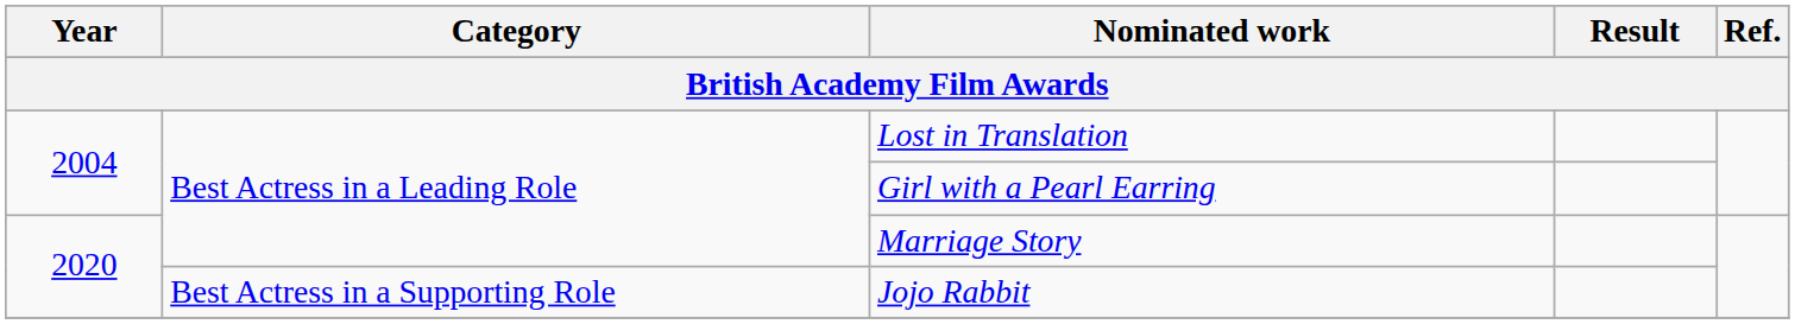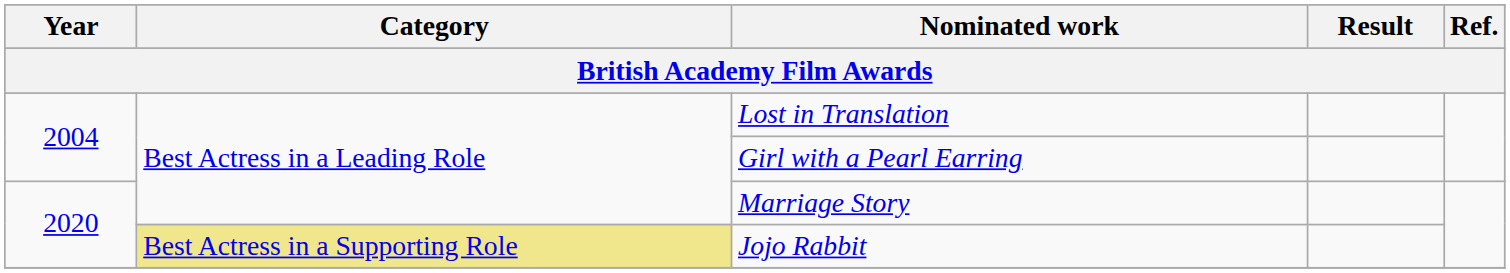 <table class=wikitable>
 <tr>
 <th scope="col" style="width:5em;">Year</th>
 <th scope="col" style="width:26em;">Category</th>
 <th scope="col" style="width:25em;">Nominated work</th>
 <th scope="col" style="width:5em;">Result</th>
 <th>Ref.</th>
 </tr>
 <tr>
 <th colspan=5><a href='#'>British Academy Film Awards</a></th>
 </tr>
 <tr>
 <td style="text-align:center;", rowspan="2"><a href='#'>2004</a></td>
 <td rowspan="3"><a href='#'>Best Actress in a Leading Role</a></td>
 <td><em><a href='#'>Lost in Translation</a></em></td>
 <td></td>
 <td style="text-align:center;" rowspan="2"></td>
 </tr>
 <tr>
 <td><em><a href='#'>Girl with a Pearl Earring</a></em></td>
 <td></td>
 </tr>
 <tr>
 <td style="text-align:center;", rowspan="2"><a href='#'>2020</a></td>
 <td><em><a href='#'>Marriage Story</a></em></td>
 <td></td>
 <td style="text-align:center;" rowspan="2"></td>
 </tr>
 <tr>
-<td><a href='#'>Best Actress in a Supporting Role</a></td>
+<td style="background: khaki;"><a href='#'>Best Actress in a Supporting Role</a></td>
 <td><em><a href='#'>Jojo Rabbit</a></em></td>
 <td></td>
 </tr>
 <tr>
 </tr>
 </table>
